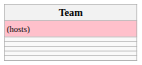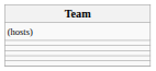 <table class="wikitable sortable">
 <tr>
 <th width=200px>Team</th>
 </tr>
 <tr>
-<td align=left style="background: pink;"> <small>(hosts)</small></td>
+<td align=left> <small>(hosts)</small></td>
 </tr>
 <tr>
 <td align=left></td>
 </tr>
 <tr>
 <td align=left></td>
 </tr>
 <tr>
 <td align=left></td>
 </tr>
 <tr>
 <td align=left></td>
 </tr>
 <tr>
 <td align=left></td>
 </tr>
 <tr>
 </tr>
 </table>
